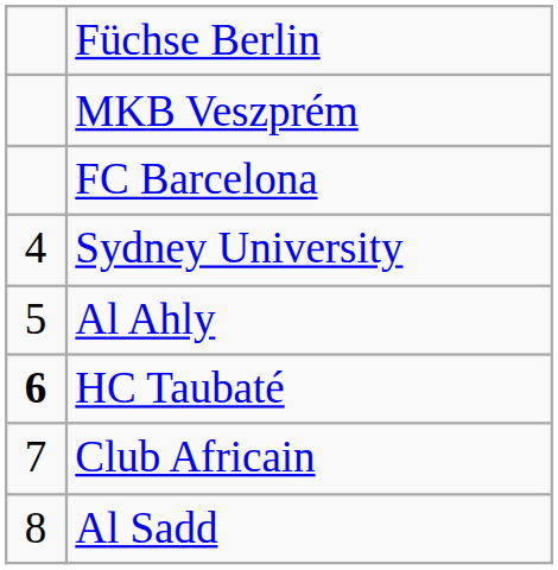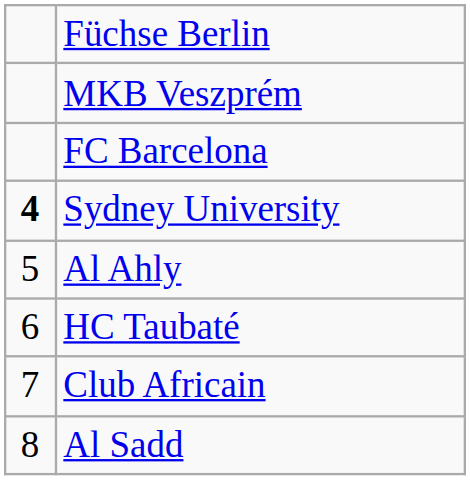 <table class="wikitable" width="200px">
 <tr>
 <td align=center></td>
 <td> <a href='#'>Füchse Berlin</a></td>
 </tr>
 <tr>
 <td align=center></td>
 <td> <a href='#'>MKB Veszprém</a></td>
 </tr>
 <tr>
 <td align=center></td>
 <td> <a href='#'>FC Barcelona</a></td>
 </tr>
 <tr>
-<td align=center>4</td>
+<td align=center><strong>4</strong></td>
 <td> <a href='#'>Sydney University</a></td>
 </tr>
 <tr>
 <td align=center>5</td>
 <td> <a href='#'>Al Ahly</a></td>
 </tr>
 <tr>
-<td align=center><strong>6</strong></td>
+<td align=center>6</td>
 <td> <a href='#'>HC Taubaté</a></td>
 </tr>
 <tr>
 <td align=center>7</td>
 <td> <a href='#'>Club Africain</a></td>
 </tr>
 <tr>
 <td align=center>8</td>
 <td> <a href='#'>Al Sadd</a></td>
 </tr>
 </table>
